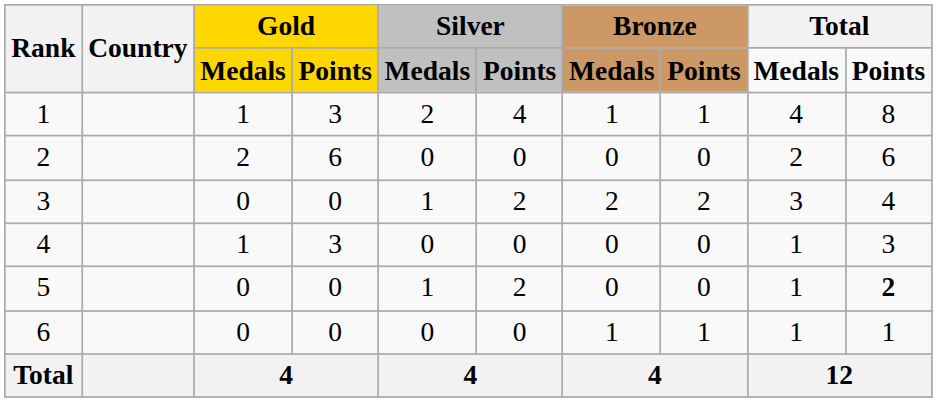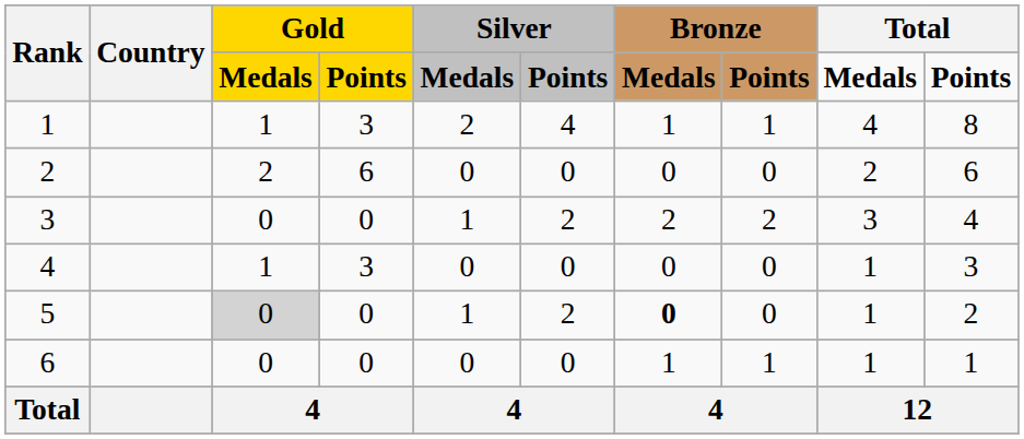 <table class="wikitable" style="text-align:center">
 <tr>
 <th rowspan=2>Rank</th>
 <th rowspan=2>Country</th>
 <td colspan=2 bgcolor=gold align=center><strong>Gold</strong></td>
 <td colspan=2 bgcolor=silver align=center><strong>Silver</strong></td>
 <td colspan=2 bgcolor=#cc9966 align=center><strong>Bronze</strong></td>
 <th colspan=2>Total</th>
 </tr>
 <tr>
 <td bgcolor=gold align=center><strong>Medals</strong></td>
 <td bgcolor=gold align=center><strong>Points</strong></td>
 <td bgcolor=silver align=center><strong>Medals</strong></td>
 <td bgcolor=silver align=center><strong>Points</strong></td>
 <td bgcolor=#cc9966 align=center><strong>Medals</strong></td>
 <td bgcolor=#cc9966 align=center><strong>Points</strong></td>
 <td><strong>Medals</strong></td>
 <td><strong>Points</strong></td>
 </tr>
 <tr>
 <td>1</td>
 <td align=left></td>
 <td>1</td>
 <td>3</td>
 <td>2</td>
 <td>4</td>
 <td>1</td>
 <td>1</td>
 <td>4</td>
 <td>8</td>
 </tr>
 <tr>
 <td>2</td>
 <td align=left></td>
 <td>2</td>
 <td>6</td>
 <td>0</td>
 <td>0</td>
 <td>0</td>
 <td>0</td>
 <td>2</td>
 <td>6</td>
 </tr>
 <tr>
 <td>3</td>
 <td align=left></td>
 <td>0</td>
 <td>0</td>
 <td>1</td>
 <td>2</td>
 <td>2</td>
 <td>2</td>
 <td>3</td>
 <td>4</td>
 </tr>
 <tr>
 <td>4</td>
 <td align=left></td>
 <td>1</td>
 <td>3</td>
 <td>0</td>
 <td>0</td>
 <td>0</td>
 <td>0</td>
 <td>1</td>
 <td>3</td>
 </tr>
 <tr>
 <td>5</td>
 <td align=left></td>
-<td>0</td>
+<td style="background: lightgrey;">0</td>
 <td>0</td>
 <td>1</td>
 <td>2</td>
-<td>0</td>
+<td><strong>0</strong></td>
 <td>0</td>
 <td>1</td>
-<td><strong>2</strong></td>
+<td>2</td>
 </tr>
 <tr>
 <td>6</td>
 <td align=left></td>
 <td>0</td>
 <td>0</td>
 <td>0</td>
 <td>0</td>
 <td>1</td>
 <td>1</td>
 <td>1</td>
 <td>1</td>
 </tr>
 <tr>
 <th>Total</th>
 <th></th>
 <th colspan=2>4</th>
 <th colspan=2>4</th>
 <th colspan=2>4</th>
 <th colspan=2>12</th>
 </tr>
 </table>
